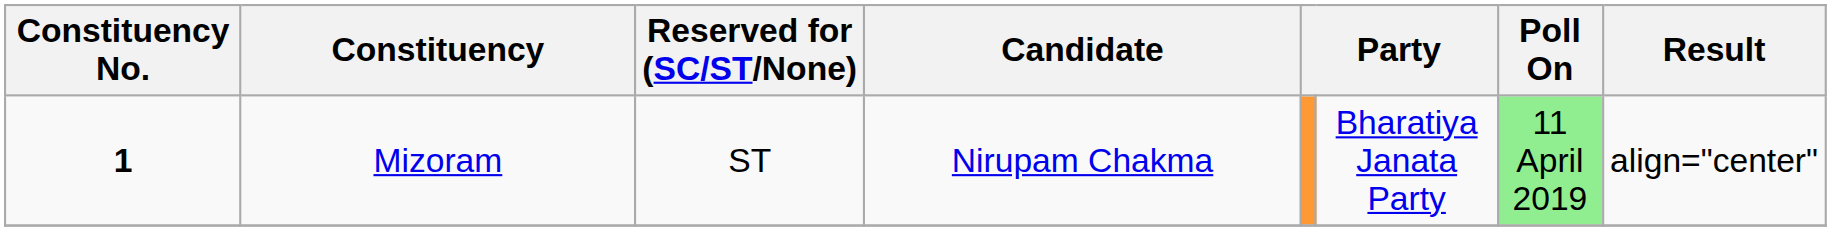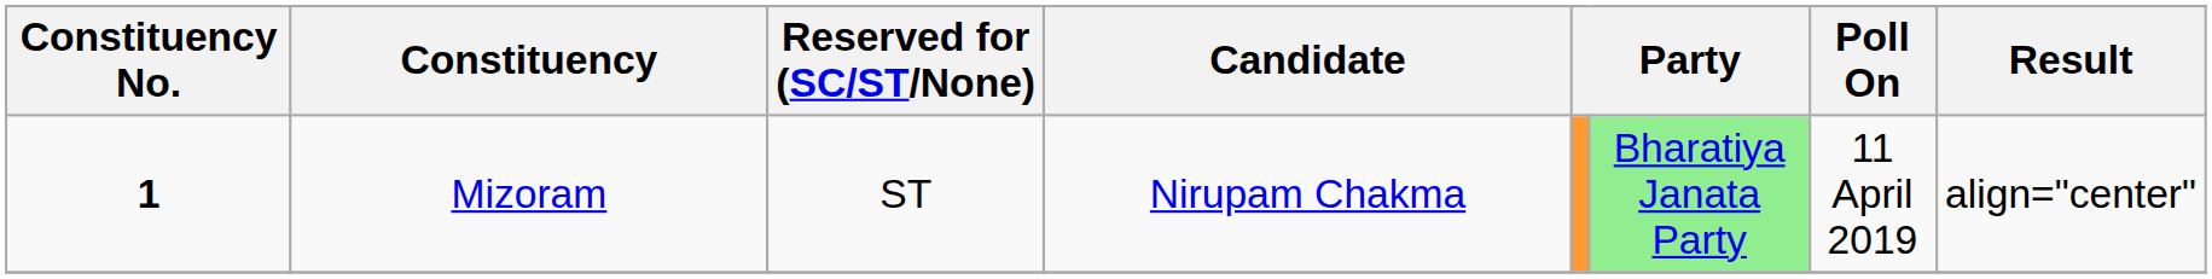 <table class="wikitable sortable" style="text-align:center;">
 <tr>
 <th>Constituency No.</th>
 <th style="width:180px;">Constituency</th>
 <th>Reserved for<br>(<a href='#'>SC/ST</a>/None)</th>
 <th style="width:200px;">Candidate</th>
 <th colspan="2">Party</th>
 <th>Poll On</th>
 <th>Result</th>
 </tr>
 <tr>
 <td align="center"><strong>1</strong></td>
 <td><a href='#'>Mizoram</a></td>
 <td align="center">ST</td>
 <td><a href='#'>Nirupam Chakma</a></td>
 <td bgcolor=#FF9933></td>
-<td><a href='#'>Bharatiya Janata Party</a></td>
-<td align="center" style="background: lightgreen;">11 April 2019</td>
+<td style="background: lightgreen;"><a href='#'>Bharatiya Janata Party</a></td>
+<td align="center">11 April 2019</td>
 <td>align="center" </td>
 </tr>
 <tr>
 </tr>
 </table>
